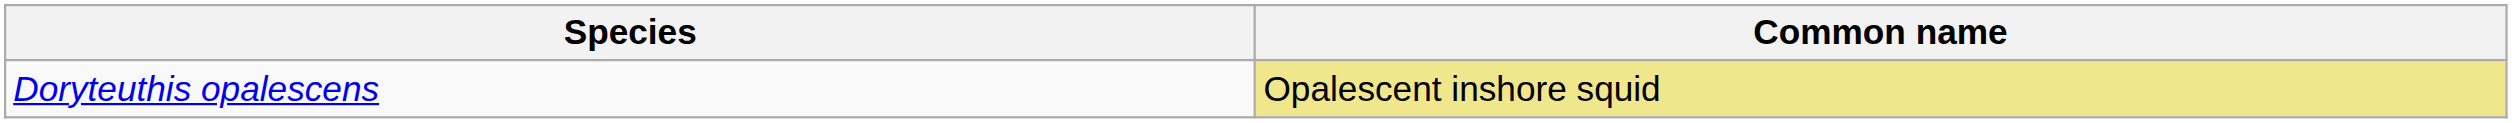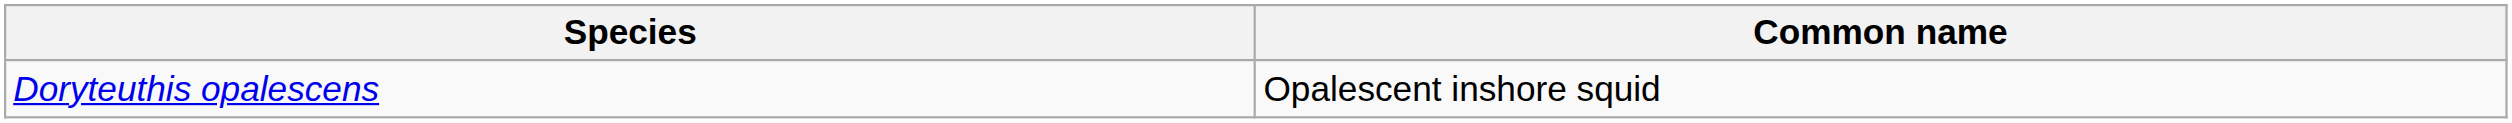 <table width=90% class="wikitable">
 <tr>
 <th width=25%>Species</th>
 <th width=25%>Common name</th>
 </tr>
 <tr>
 <td><em><a href='#'>Doryteuthis opalescens</a></em></td>
-<td style="background: khaki;">Opalescent inshore squid</td>
+<td>Opalescent inshore squid</td>
 </tr>
 </table>
